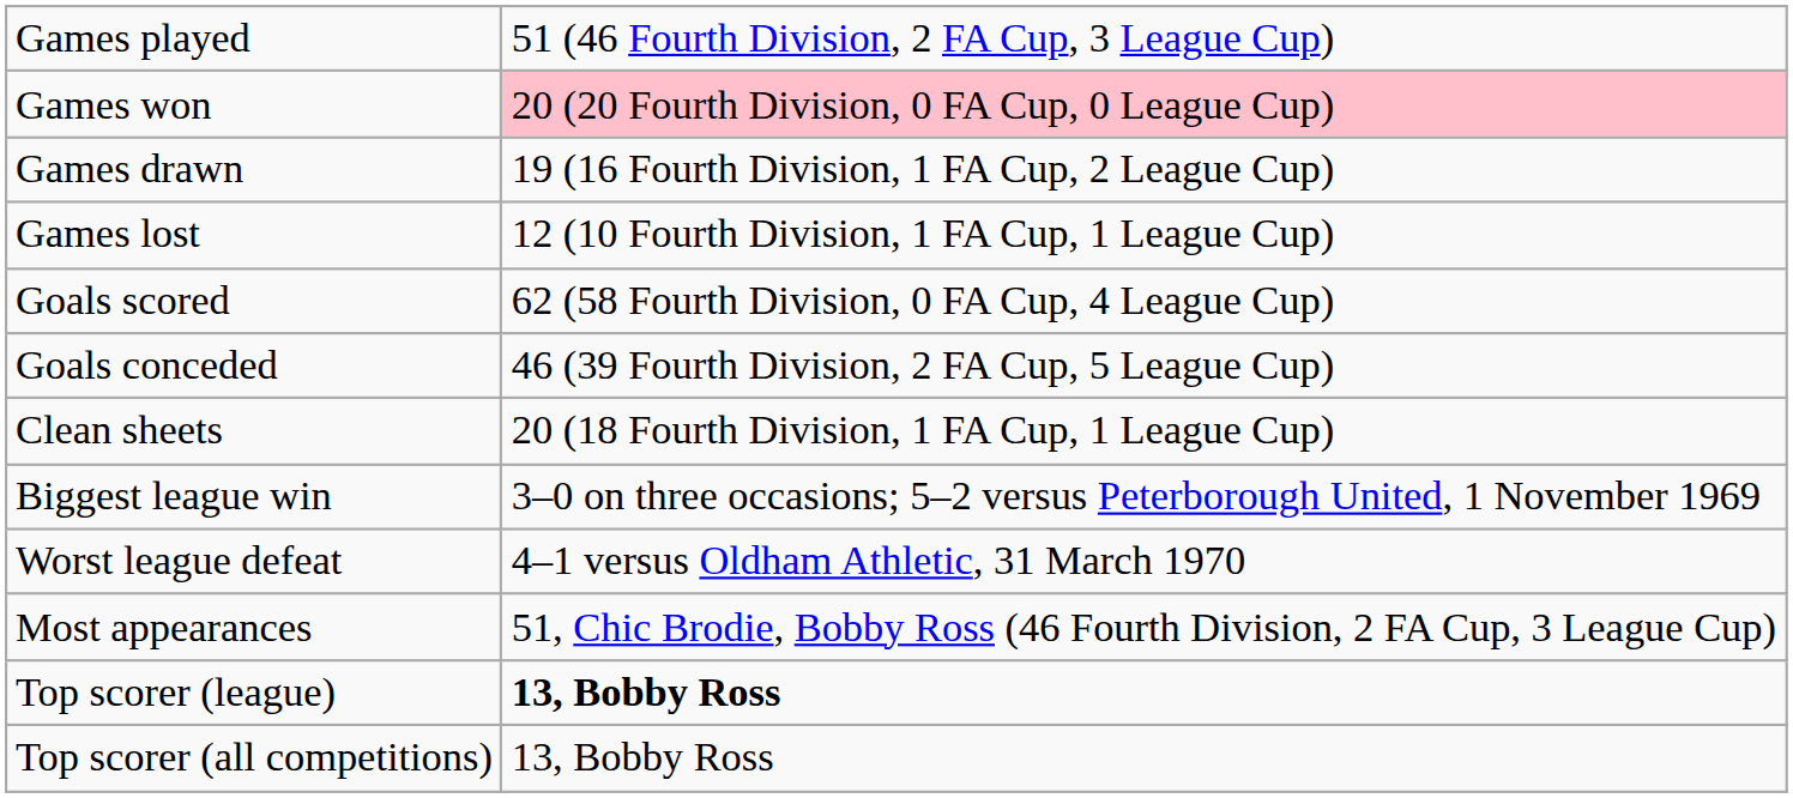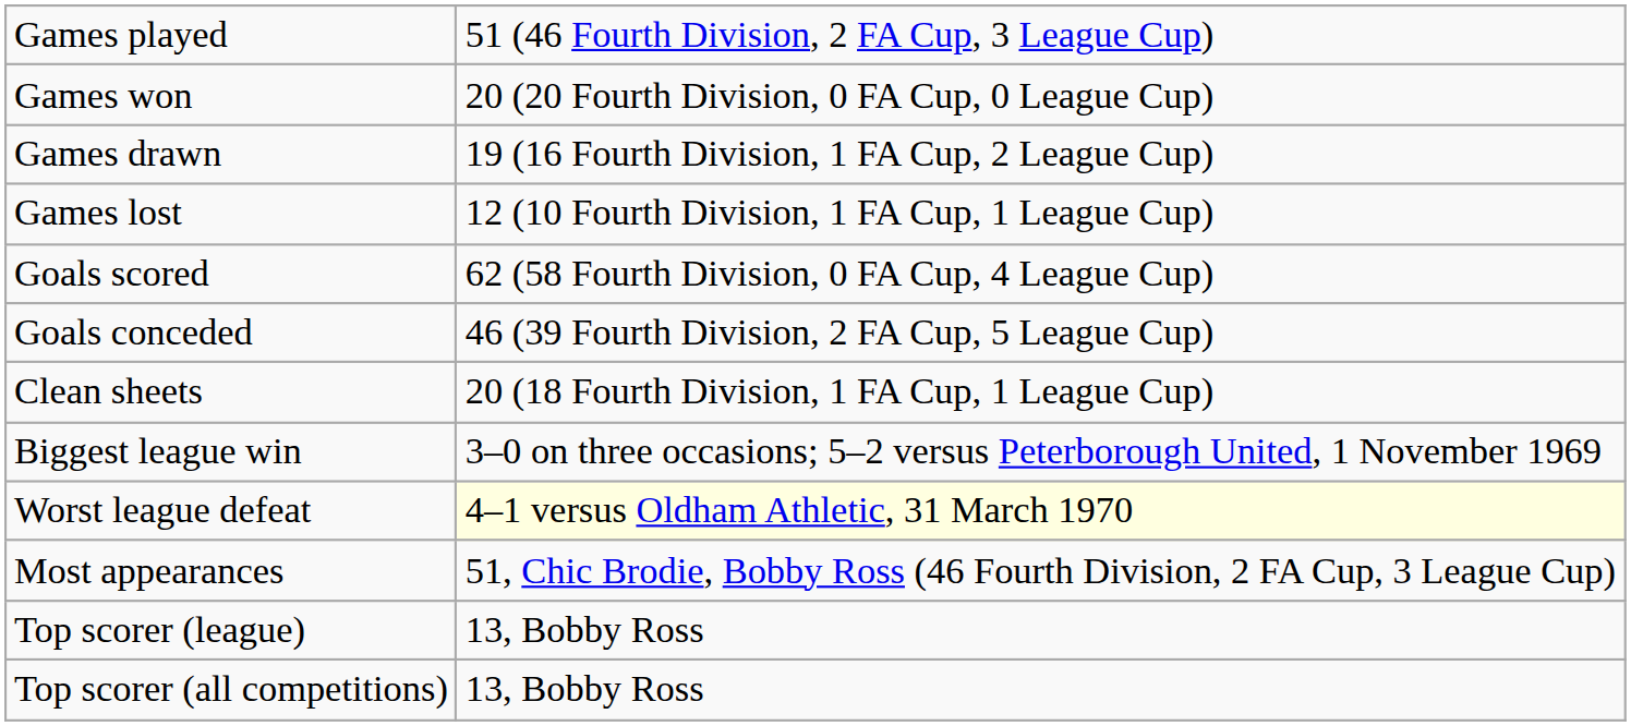 <table class="wikitable">
 <tr>
 <td>Games played</td>
 <td>51 (46 <a href='#'>Fourth Division</a>, 2 <a href='#'>FA Cup</a>, 3 <a href='#'>League Cup</a>)</td>
 </tr>
 <tr>
 <td>Games won</td>
-<td style="background: pink;">20 (20 Fourth Division, 0 FA Cup, 0 League Cup)</td>
+<td>20 (20 Fourth Division, 0 FA Cup, 0 League Cup)</td>
 </tr>
 <tr>
 <td>Games drawn</td>
 <td>19 (16 Fourth Division, 1 FA Cup, 2 League Cup)</td>
 </tr>
 <tr>
 <td>Games lost</td>
 <td>12 (10 Fourth Division, 1 FA Cup, 1 League Cup)</td>
 </tr>
 <tr>
 <td>Goals scored</td>
 <td>62 (58 Fourth Division, 0 FA Cup, 4 League Cup)</td>
 </tr>
 <tr>
 <td>Goals conceded</td>
 <td>46 (39 Fourth Division, 2 FA Cup, 5 League Cup)</td>
 </tr>
 <tr>
 <td>Clean sheets</td>
 <td>20 (18 Fourth Division, 1 FA Cup, 1 League Cup)</td>
 </tr>
 <tr>
 <td>Biggest league win</td>
 <td>3–0 on three occasions; 5–2 versus <a href='#'>Peterborough United</a>, 1 November 1969</td>
 </tr>
 <tr>
 <td>Worst league defeat</td>
-<td>4–1 versus <a href='#'>Oldham Athletic</a>, 31 March 1970</td>
+<td style="background: lightyellow;">4–1 versus <a href='#'>Oldham Athletic</a>, 31 March 1970</td>
 </tr>
 <tr>
 <td>Most appearances</td>
 <td>51, <a href='#'>Chic Brodie</a>, <a href='#'>Bobby Ross</a> (46 Fourth Division, 2 FA Cup, 3 League Cup)</td>
 </tr>
 <tr>
 <td>Top scorer (league)</td>
-<td><strong>13, Bobby Ross</strong></td>
+<td>13, Bobby Ross</td>
 </tr>
 <tr>
 <td>Top scorer (all competitions)</td>
 <td>13, Bobby Ross</td>
 </tr>
 </table>
